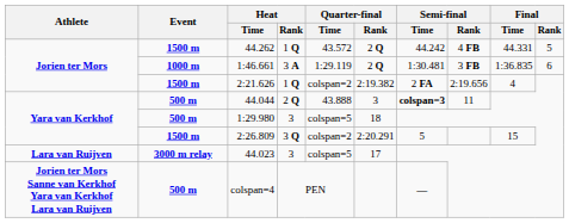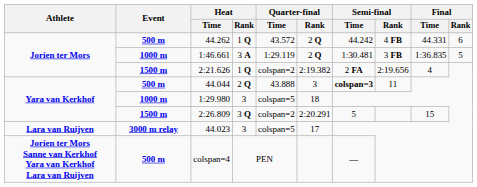 <table class="wikitable plainrowheaders" style="text-align: center;font-size:90%">
 <tr>
 <th scope="col" rowspan=2 style="width:12em;">Athlete</th>
 <th scope="col" rowspan=2 style="width:8em;">Event</th>
 <th scope="col" colspan=2>Heat</th>
 <th scope="col" colspan=2>Quarter-final</th>
 <th scope="col" colspan=2>Semi-final</th>
 <th scope="col" colspan=2>Final</th>
 </tr>
 <tr style="font-size:95%">
 <th scope="col" style="width:4em;">Time</th>
 <th scope="col" style="width:2em;">Rank</th>
 <th scope="col" style="width:4em;">Time</th>
 <th scope="col" style="width:2em;">Rank</th>
 <th scope="col" style="width:4em;">Time</th>
 <th scope="col" style="width:2em;">Rank</th>
 <th scope="col" style="width:4em;">Time</th>
 <th scope="col" style="width:2em;">Rank</th>
 </tr>
 <tr>
 <th scope="row" style="background-color:transparent" rowspan=3><a href='#'>Jorien ter Mors</a></th>
-<th scope="row" style="background-color:transparent"><a href='#'>1500 m</a></th>
+<th scope="row" style="background-color:transparent"><a href='#'>500 m</a></th>
 <td style="text-align:right">44.262</td>
 <td>1 <strong>Q</strong></td>
 <td style="text-align:right">43.572</td>
 <td>2 <strong>Q</strong></td>
 <td style="text-align:right">44.242</td>
 <td>4 <strong>FB</strong></td>
 <td style="text-align:right">44.331</td>
-<td>5</td>
+<td>6</td>
 </tr>
 <tr>
 <th scope="row" style="background-color:transparent"><a href='#'>1000 m</a></th>
 <td style="text-align:right">1:46.661</td>
 <td>3 <strong>A</strong></td>
 <td style="text-align:right">1:29.119</td>
 <td>2 <strong>Q</strong></td>
 <td style="text-align:right">1:30.481</td>
 <td>3 <strong>FB</strong></td>
 <td style="text-align:right">1:36.835</td>
-<td>6</td>
+<td>5</td>
 </tr>
 <tr>
 <th scope="row" style="background-color:transparent"><a href='#'>1500 m</a></th>
 <td style="text-align:right">2:21.626</td>
 <td>1 <strong>Q</strong></td>
 <td>colspan=2 </td>
 <td style="text-align:right">2:19.382</td>
 <td>2 <strong>FA</strong></td>
 <td style="text-align:right">2:19.656</td>
 <td>4</td>
 </tr>
 <tr>
 <th scope="row" style="background-color:transparent" rowspan=3><a href='#'>Yara van Kerkhof</a></th>
 <th scope="row" style="background-color:transparent"><a href='#'>500 m</a></th>
 <td style="text-align:right">44.044</td>
 <td>2 <strong>Q</strong></td>
 <td style="text-align:right">43.888</td>
 <td>3</td>
 <td><strong>colspan=3 </strong></td>
 <td>11</td>
 </tr>
 <tr>
-<th scope="row" style="background-color:transparent"><a href='#'>500 m</a></th>
+<th scope="row" style="background-color:transparent"><a href='#'>1000 m</a></th>
 <td style="text-align:right">1:29.980</td>
 <td>3</td>
 <td>colspan=5 </td>
 <td>18</td>
 </tr>
 <tr>
 <th scope="row" style="background-color:transparent"><a href='#'>1500 m</a></th>
 <td style="text-align:right">2:26.809</td>
 <td>3 <strong>Q</strong></td>
 <td>colspan=2 </td>
 <td style="text-align:right">2:20.291</td>
 <td>5</td>
 <td></td>
 <td>15</td>
 </tr>
 <tr>
 <th scope="row" style="background-color:transparent"><a href='#'>Lara van Ruijven</a></th>
 <th scope="row" style="background-color:transparent"><a href='#'>3000 m relay</a></th>
 <td style="text-align:right">44.023</td>
 <td>3</td>
 <td>colspan=5 </td>
 <td>17</td>
 </tr>
 <tr>
 <th scope="row" style="background-color:transparent"><a href='#'>Jorien ter Mors</a><br><a href='#'>Sanne van Kerkhof</a> <br><a href='#'>Yara van Kerkhof</a><br><a href='#'>Lara van Ruijven</a></th>
 <th scope="row" style="background-color:transparent"><a href='#'>500 m</a></th>
 <td>colspan=4 </td>
 <td colspan=2>PEN</td>
 <td></td>
 <td>—</td>
 </tr>
 </table>
